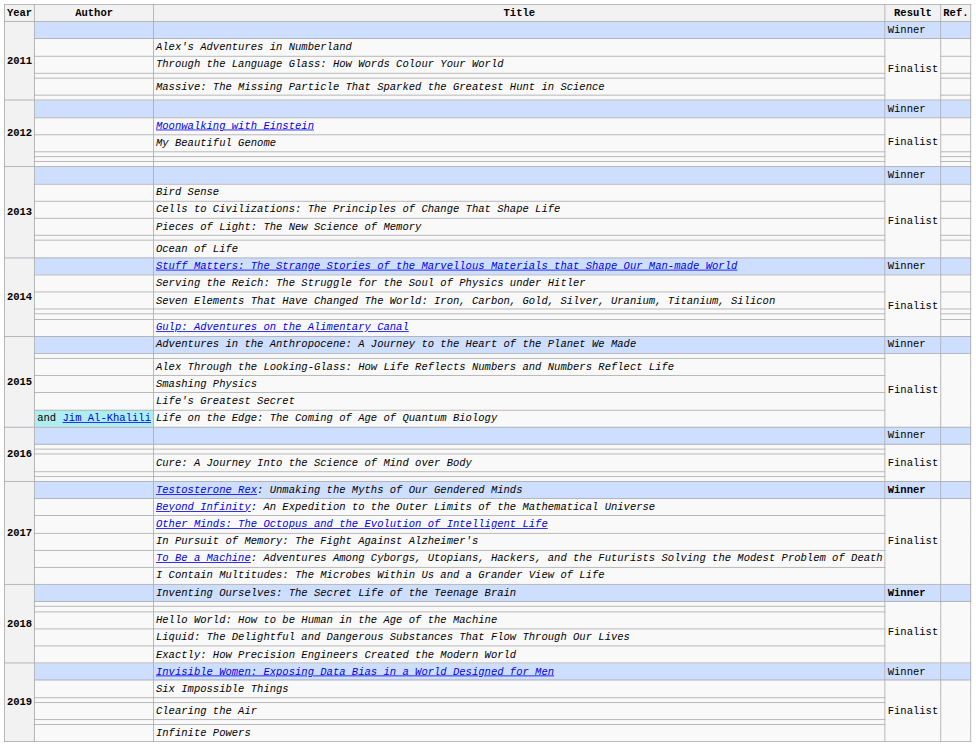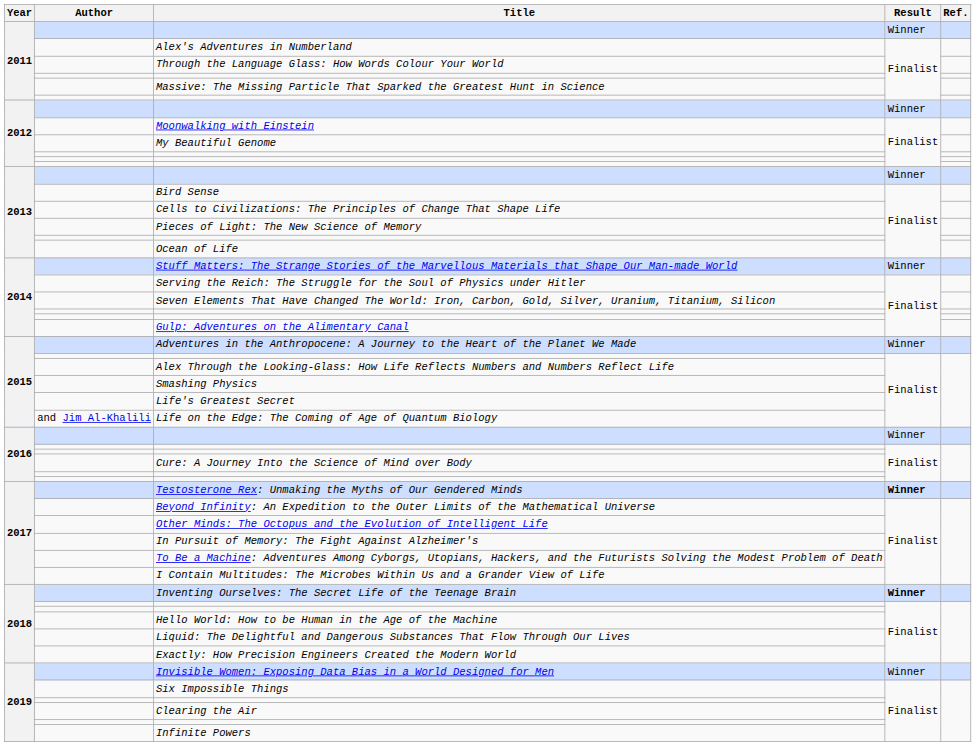 <table class="wikitable sortable mw-collapsible">
 <tr>
 <th>Year</th>
 <th>Author</th>
 <th>Title</th>
 <th>Result</th>
 <th>Ref.</th>
 </tr>
 <tr style="background:#cddeff">
 <th rowspan="6">2011</th>
 <td></td>
 <td><em></em></td>
 <td>Winner</td>
 <td></td>
 </tr>
 <tr>
 <td></td>
 <td><em>Alex's Adventures in Numberland</em></td>
 <td rowspan="5">Finalist</td>
 <td></td>
 </tr>
 <tr>
 <td></td>
 <td><em>Through the Language Glass: How Words Colour Your World</em></td>
 <td></td>
 </tr>
 <tr>
 <td></td>
 <td><em></em></td>
 <td></td>
 </tr>
 <tr>
 <td></td>
 <td><em>Massive: The Missing Particle That Sparked the Greatest Hunt in Science</em></td>
 <td></td>
 </tr>
 <tr>
 <td></td>
 <td><em></em></td>
 <td></td>
 </tr>
 <tr style="background:#cddeff">
 <th rowspan="6">2012</th>
 <td></td>
 <td><em></em></td>
 <td>Winner</td>
 <td></td>
 </tr>
 <tr>
 <td></td>
 <td><em><a href='#'>Moonwalking with Einstein</a></em></td>
 <td rowspan="5">Finalist</td>
 <td></td>
 </tr>
 <tr>
 <td></td>
 <td><em>My Beautiful Genome</em></td>
 <td></td>
 </tr>
 <tr>
 <td></td>
 <td><em></em></td>
 <td></td>
 </tr>
 <tr>
 <td></td>
 <td><em></em></td>
 <td></td>
 </tr>
 <tr>
 <td></td>
 <td><em></em></td>
 <td></td>
 </tr>
 <tr style="background:#cddeff">
 <th rowspan="6">2013</th>
 <td></td>
 <td><em></em></td>
 <td>Winner</td>
 <td></td>
 </tr>
 <tr>
 <td></td>
 <td><em>Bird Sense</em></td>
 <td rowspan="5">Finalist</td>
 <td></td>
 </tr>
 <tr>
 <td></td>
 <td><em>Cells to Civilizations: The Principles of Change That Shape Life</em></td>
 <td></td>
 </tr>
 <tr>
 <td></td>
 <td><em>Pieces of Light: The New Science of Memory</em></td>
 <td></td>
 </tr>
 <tr>
 <td></td>
 <td><em></em></td>
 <td></td>
 </tr>
 <tr>
 <td></td>
 <td><em>Ocean of Life</em></td>
 <td></td>
 </tr>
 <tr style="background:#cddeff">
 <th rowspan="6">2014</th>
 <td></td>
 <td><a href='#'><em>Stuff Matters: The Strange Stories of the Marvellous Materials that Shape Our Man-made World</em></a></td>
 <td>Winner</td>
 <td></td>
 </tr>
 <tr>
 <td></td>
 <td><em>Serving the Reich: The Struggle for the Soul of Physics under Hitler</em></td>
 <td rowspan="5">Finalist</td>
 <td></td>
 </tr>
 <tr>
 <td></td>
 <td><em>Seven Elements That Have Changed The World: Iron, Carbon, Gold, Silver, Uranium, Titanium, Silicon</em></td>
 <td></td>
 </tr>
 <tr>
 <td></td>
 <td><em></em></td>
 <td></td>
 </tr>
 <tr>
 <td></td>
 <td><em></em></td>
 <td></td>
 </tr>
 <tr>
 <td></td>
 <td><em><a href='#'>Gulp: Adventures on the Alimentary Canal</a></em></td>
 <td></td>
 </tr>
 <tr style="background:#cddeff">
 <th rowspan="6">2015</th>
 <td></td>
 <td><em>Adventures in the Anthropocene: A Journey to the Heart of the Planet We Made</em></td>
 <td>Winner</td>
 <td></td>
 </tr>
 <tr>
 <td></td>
 <td><em></em></td>
 <td rowspan="5">Finalist</td>
 <td rowspan="5"></td>
 </tr>
 <tr>
 <td></td>
 <td><em>Alex Through the Looking-Glass: How Life Reflects Numbers and Numbers Reflect Life</em></td>
 </tr>
 <tr>
 <td></td>
 <td><em>Smashing Physics</em></td>
 </tr>
 <tr>
 <td></td>
 <td><em>Life's Greatest Secret</em></td>
 </tr>
 <tr>
-<td style="background: paleturquoise;"> and <a href='#'>Jim Al-Khalili</a></td>
+<td> and <a href='#'>Jim Al-Khalili</a></td>
 <td><em>Life on the Edge: The Coming of Age of Quantum Biology</em></td>
 </tr>
 <tr style="background:#cddeff">
 <th rowspan="6">2016</th>
 <td></td>
 <td><em></em></td>
 <td>Winner</td>
 <td></td>
 </tr>
 <tr>
 <td></td>
 <td><em></em></td>
 <td rowspan="5">Finalist</td>
 <td rowspan="5"></td>
 </tr>
 <tr>
 <td></td>
 <td><em></em></td>
 </tr>
 <tr>
 <td></td>
 <td><em>Cure: A Journey Into the Science of Mind over Body</em></td>
 </tr>
 <tr>
 <td></td>
 <td><em></em></td>
 </tr>
 <tr>
 <td></td>
 <td><em></em></td>
 </tr>
 <tr style="background:#cddeff">
 <th rowspan="6">2017</th>
 <td></td>
 <td><em><a href='#'>Testosterone Rex</a>: Unmaking the Myths of Our Gendered Minds</em></td>
 <td><strong>Winner</strong></td>
 <td></td>
 </tr>
 <tr>
 <td></td>
 <td><em><a href='#'>Beyond Infinity</a>: An Expedition to the Outer Limits of the Mathematical Universe</em></td>
 <td rowspan="5">Finalist</td>
 <td rowspan="5"></td>
 </tr>
 <tr>
 <td></td>
 <td><em><a href='#'>Other Minds: The Octopus and the Evolution of Intelligent Life</a></em></td>
 </tr>
 <tr>
 <td></td>
 <td><em>In Pursuit of Memory: The Fight Against Alzheimer's</em></td>
 </tr>
 <tr>
 <td></td>
 <td><em><a href='#'>To Be a Machine</a>: Adventures Among Cyborgs,  Utopians, Hackers, and the Futurists Solving the Modest Problem of Death</em></td>
 </tr>
 <tr>
 <td></td>
 <td><em>I Contain Multitudes: The Microbes Within Us and a Grander View of Life</em></td>
 </tr>
 <tr style="background:#cddeff">
 <th rowspan="6">2018</th>
 <td></td>
 <td><em>Inventing Ourselves: The Secret Life of the Teenage Brain</em></td>
 <td><strong>Winner</strong></td>
 <td></td>
 </tr>
 <tr>
 <td></td>
 <td><em></em></td>
 <td rowspan="5">Finalist</td>
 <td rowspan="5"></td>
 </tr>
 <tr>
 <td></td>
 <td><em></em></td>
 </tr>
 <tr>
 <td></td>
 <td><em>Hello World: How to be Human in the Age of the Machine</em></td>
 </tr>
 <tr>
 <td></td>
 <td><em>Liquid: The Delightful and Dangerous Substances That Flow Through Our Lives</em></td>
 </tr>
 <tr>
 <td></td>
 <td><em>Exactly: How Precision Engineers Created the Modern World</em></td>
 </tr>
 <tr style="background:#cddeff">
 <th rowspan="6">2019</th>
 <td></td>
 <td><em><a href='#'>Invisible Women: Exposing Data Bias in a World Designed for Men</a></em></td>
 <td>Winner</td>
 <td></td>
 </tr>
 <tr>
 <td></td>
 <td><em>Six Impossible Things</em></td>
 <td rowspan="5">Finalist</td>
 <td rowspan="5"></td>
 </tr>
 <tr>
 <td></td>
 <td><em></em></td>
 </tr>
 <tr>
 <td></td>
 <td><em>Clearing the Air</em></td>
 </tr>
 <tr>
 <td></td>
 <td><em></em></td>
 </tr>
 <tr>
 <td></td>
 <td><em>Infinite Powers</em></td>
 </tr>
 </table>
